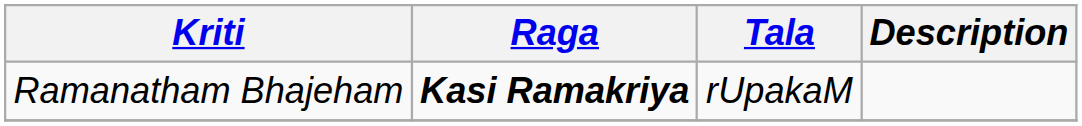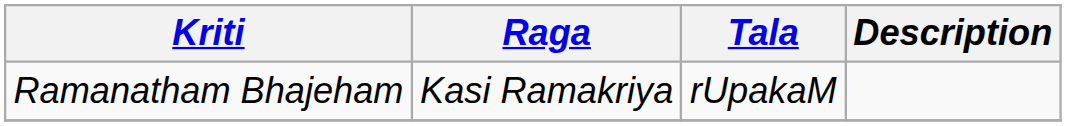 <table class="wikitable">
 <tr>
 <th><em><a href='#'>Kriti</a></em></th>
 <th><em><a href='#'>Raga</a></em></th>
 <th><em><a href='#'>Tala</a></em></th>
 <th><em>Description</em></th>
 </tr>
 <tr>
 <td><em>Ramanatham Bhajeham</em></td>
-<td><strong><em>Kasi Ramakriya</em></strong></td>
+<td><em>Kasi Ramakriya</em></td>
 <td><em>rUpakaM</em></td>
 <td></td>
 </tr>
 <tr>
 </tr>
 </table>
